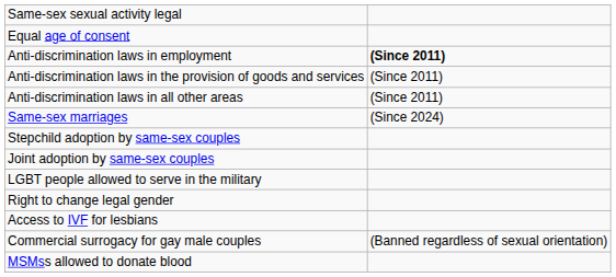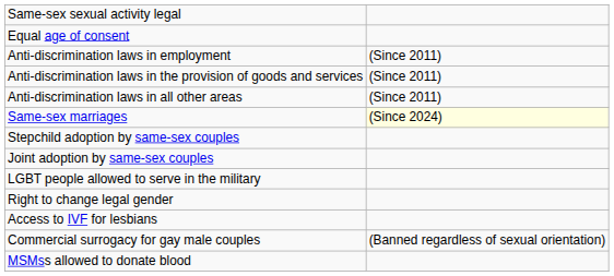 <table class="wikitable">
 <tr>
 <td>Same-sex sexual activity legal</td>
 <td></td>
 </tr>
 <tr>
 <td>Equal <a href='#'>age of consent</a></td>
 <td></td>
 </tr>
 <tr>
 <td>Anti-discrimination laws in employment</td>
-<td><strong> (Since 2011)</strong></td>
+<td> (Since 2011)</td>
 </tr>
 <tr>
 <td>Anti-discrimination laws in the provision of goods and services</td>
 <td> (Since 2011)</td>
 </tr>
 <tr>
 <td>Anti-discrimination laws in all other areas</td>
 <td> (Since 2011)</td>
 </tr>
 <tr>
 <td><a href='#'>Same-sex marriages</a></td>
-<td> (Since 2024)</td>
+<td style="background: lightyellow;"> (Since 2024)</td>
 </tr>
 <tr>
 <td>Stepchild adoption by <a href='#'>same-sex couples</a></td>
 <td></td>
 </tr>
 <tr>
 <td>Joint adoption by <a href='#'>same-sex couples</a></td>
 <td></td>
 </tr>
 <tr>
 <td>LGBT people allowed to serve in the military</td>
 <td></td>
 </tr>
 <tr>
 <td>Right to change legal gender</td>
 <td></td>
 </tr>
 <tr>
 <td>Access to <a href='#'>IVF</a> for lesbians</td>
 <td></td>
 </tr>
 <tr>
 <td>Commercial surrogacy for gay male couples</td>
 <td> (Banned regardless of sexual orientation)</td>
 </tr>
 <tr>
 <td><a href='#'>MSMs</a>s allowed to donate blood</td>
 <td></td>
 </tr>
 </table>
